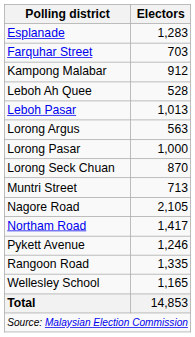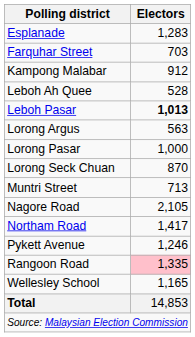 <table class="wikitable sortable">
 <tr>
 <th>Polling district</th>
 <th>Electors</th>
 </tr>
 <tr>
 <td><a href='#'>Esplanade</a></td>
 <td align="right">1,283</td>
 </tr>
 <tr>
 <td><a href='#'>Farquhar Street</a></td>
 <td align="right">703</td>
 </tr>
 <tr>
 <td>Kampong Malabar</td>
 <td align="right">912</td>
 </tr>
 <tr>
 <td>Leboh Ah Quee</td>
 <td align="right">528</td>
 </tr>
 <tr>
 <td><a href='#'>Leboh Pasar</a></td>
-<td align="right">1,013</td>
+<td align="right"><strong>1,013</strong></td>
 </tr>
 <tr>
 <td>Lorong Argus</td>
 <td align="right">563</td>
 </tr>
 <tr>
 <td>Lorong Pasar</td>
 <td align="right">1,000</td>
 </tr>
 <tr>
 <td>Lorong Seck Chuan</td>
 <td align="right">870</td>
 </tr>
 <tr>
 <td>Muntri Street</td>
 <td align="right">713</td>
 </tr>
 <tr>
 <td>Nagore Road</td>
 <td align="right">2,105</td>
 </tr>
 <tr>
 <td><a href='#'>Northam Road</a></td>
 <td align="right">1,417</td>
 </tr>
 <tr>
 <td>Pykett Avenue</td>
 <td align="right">1,246</td>
 </tr>
 <tr>
 <td>Rangoon Road</td>
-<td align="right">1,335</td>
+<td align="right" style="background: pink;">1,335</td>
 </tr>
 <tr>
 <td>Wellesley School</td>
 <td align="right">1,165</td>
 </tr>
 <tr>
 <td style="background: #f2f2f2"><strong>Total</strong></td>
 <td style="background: #f2f2f2" align="right">14,853</td>
 </tr>
 <tr>
 <td colspan="2"  align="right"><small><em>Source: <a href='#'>Malaysian Election Commission</a></em></small></td>
 </tr>
 </table>
